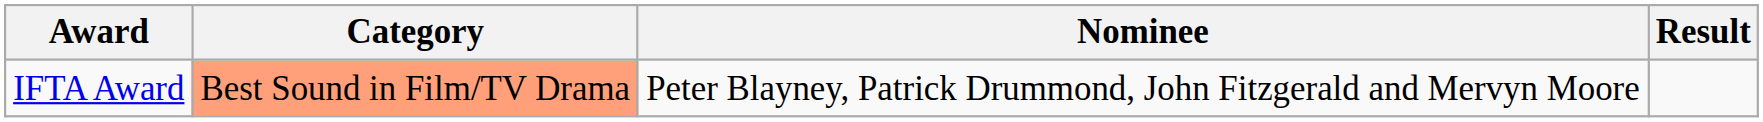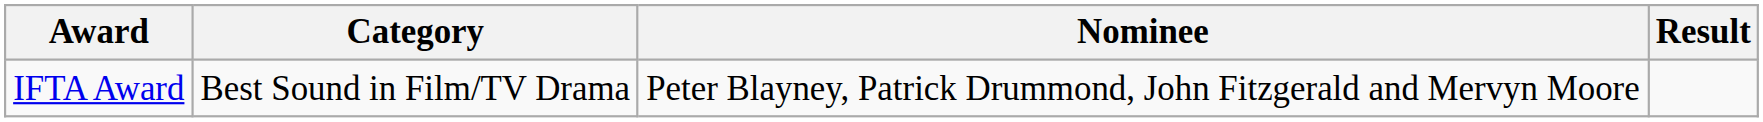 <table class="wikitable sortable">
 <tr>
 <th>Award</th>
 <th>Category</th>
 <th>Nominee</th>
 <th>Result</th>
 </tr>
 <tr>
 <td rowspan="2"><a href='#'>IFTA Award</a></td>
-<td style="background: lightsalmon;">Best Sound in Film/TV Drama</td>
+<td>Best Sound in Film/TV Drama</td>
 <td>Peter Blayney, Patrick Drummond, John Fitzgerald and Mervyn Moore</td>
 <td></td>
 </tr>
 </table>
